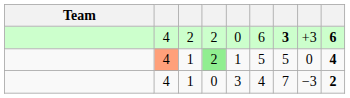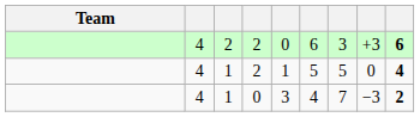 <table class="wikitable" style="text-align:center">
 <tr>
 <th width=165>Team</th>
 <th width=20></th>
 <th width=20></th>
 <th width=20></th>
 <th width=20></th>
 <th width=20></th>
 <th width=20></th>
 <th width=20></th>
 <th width=20></th>
 </tr>
 <tr align=center bgcolor=ccffcc>
 <td align=left></td>
 <td>4</td>
 <td>2</td>
 <td>2</td>
 <td>0</td>
 <td>6</td>
-<td><strong>3</strong></td>
+<td>3</td>
 <td>+3</td>
 <td><strong>6</strong></td>
 </tr>
 <tr align=center>
 <td align=left></td>
-<td style="background: lightsalmon;">4</td>
+<td>4</td>
 <td>1</td>
-<td style="background: lightgreen;">2</td>
+<td>2</td>
 <td>1</td>
 <td>5</td>
 <td>5</td>
 <td>0</td>
 <td><strong>4</strong></td>
 </tr>
 <tr align=center>
 <td align=left></td>
 <td>4</td>
 <td>1</td>
 <td>0</td>
 <td>3</td>
 <td>4</td>
 <td>7</td>
 <td>−3</td>
 <td><strong>2</strong></td>
 </tr>
 </table>
